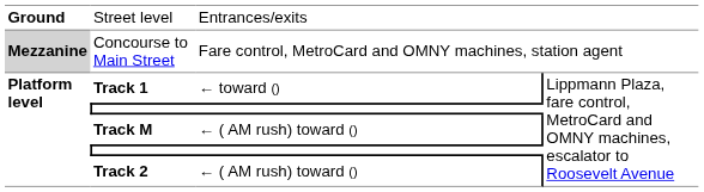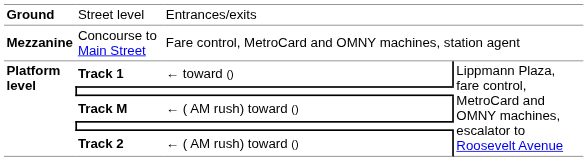 <table cellspacing=0 cellpadding=3>
 <tr>
 <td style="border-top:solid 1px gray;" width=50><strong>Ground</strong></td>
 <td style="border-top:solid 1px gray;" width=100>Street level</td>
 <td style="border-top:solid 1px gray;" width=500 colspan=2>Entrances/exits</td>
 </tr>
 <tr>
-<td style="background: lightgrey; border-top:solid 1px gray;border-bottom:solid 1px gray;"><strong>Mezzanine</strong></td>
+<td style="border-top:solid 1px gray;border-bottom:solid 1px gray;"><strong>Mezzanine</strong></td>
 <td style="border-top:solid 1px gray;border-bottom:solid 1px gray;">Concourse to <a href='#'>Main Street</a></td>
 <td style="border-top:solid 1px gray;border-bottom:solid 1px gray;" colspan=2>Fare control, MetroCard and OMNY machines, station agent</td>
 </tr>
 <tr>
 <td style="border-bottom:solid 1px gray;vertical-align:top;" rowspan=5><strong>Platform level</strong></td>
 <td><span><strong>Track 1</strong></span></td>
 <td style="border-right:solid 2px black;">←  toward  <small>()</small></td>
 <td style="border-bottom:solid 1px gray;" width=150 rowspan=5>Lippmann Plaza, fare control, MetroCard and OMNY machines, escalator to <a href='#'>Roosevelt Avenue</a><br></td>
 </tr>
 <tr>
 <td style="border-top:solid 2px black;border-left:solid 2px black;border-bottom:solid 2px black;text-align:center;" colspan=2></td>
 </tr>
 <tr>
 <td><span><strong>Track M</strong></span></td>
 <td style="border-right:solid 2px black;">←  ( AM rush) toward  <small>()</small></td>
 </tr>
 <tr>
 <td style="border-top:solid 2px black;border-left:solid 2px black;border-bottom:solid 2px black;text-align:center;" colspan=2></td>
 </tr>
 <tr>
 <td style="border-bottom:solid 1px gray;"><span><strong>Track 2</strong></span></td>
 <td style="border-right:solid 2px black;border-bottom:solid 1px gray;">←  ( AM rush) toward  <small>()</small></td>
 </tr>
 </table>
